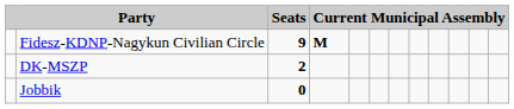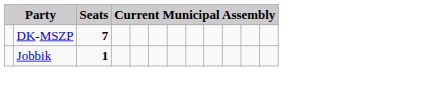 <table class="wikitable">
 <tr>
 <th style="background:#ccc" colspan="2">Party</th>
 <th style="background:#ccc">Seats</th>
 <th style="background:#ccc" colspan="9">Current Municipal Assembly</th>
 </tr>
 <tr>
 <td style="background-color: "> </td>
-<td><a href='#'>Fidesz</a>-<a href='#'>KDNP</a>-Nagykun Civilian Circle</td>
-<td style="text-align: right"><strong>9</strong></td>
-<td style="background-color: "><span><strong>M</strong></span></td>
-<td style="background-color: "> </td>
-<td style="background-color: "> </td>
-<td style="background-color: "> </td>
-<td style="background-color: "> </td>
-<td style="background-color: "> </td>
-<td style="background-color: "> </td>
-<td style="background-color: "> </td>
-<td style="background-color: "> </td>
-</tr>
-<tr>
-<td style="background-color: "> </td>
 <td><a href='#'>DK</a>-<a href='#'>MSZP</a></td>
-<td style="text-align: right"><strong>2</strong></td>
+<td style="text-align: right"><strong>7</strong></td>
 <td style="background-color: "> </td>
 <td style="background-color: "> </td>
 <td> </td>
 <td> </td>
 <td> </td>
 <td> </td>
 <td> </td>
 <td> </td>
 <td> </td>
 </tr>
 <tr>
 <td style="background-color: "> </td>
 <td><a href='#'>Jobbik</a></td>
-<td style="text-align: right"><strong>0</strong></td>
+<td style="text-align: right"><strong>1</strong></td>
 <td style="background-color: "> </td>
 <td> </td>
 <td> </td>
 <td> </td>
 <td> </td>
 <td> </td>
 <td> </td>
 <td> </td>
 <td> </td>
 </tr>
 </table>
